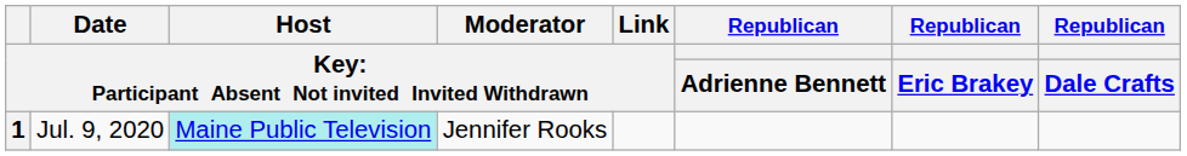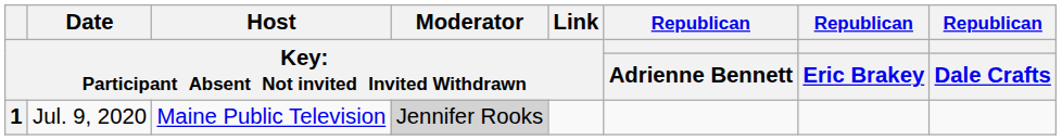 <table class="wikitable" style="text-align:center;">
 <tr>
 <th scope="col"></th>
 <th scope="col">Date</th>
 <th scope="col">Host</th>
 <th scope="col">Moderator</th>
 <th scope="col">Link</th>
 <th scope="col"><small><a href='#'>Republican</a></small></th>
 <th scope="col"><small><a href='#'>Republican</a></small></th>
 <th scope="col"><small><a href='#'>Republican</a></small></th>
 </tr>
 <tr>
 <th colspan="5" rowspan="2">Key:<br> <small>Participant </small>  <small>Absent </small>  <small>Not invited </small>  <small>Invited  Withdrawn</small></th>
 <th scope="col" style="background:"></th>
 <th scope="col" style="background:"></th>
 <th scope="col" style="background:"></th>
 </tr>
 <tr>
 <th scope="col">Adrienne Bennett</th>
 <th scope="col"><a href='#'>Eric Brakey</a></th>
 <th scope="col"><a href='#'>Dale Crafts</a></th>
 </tr>
 <tr>
 <th>1</th>
 <td style="white-space:nowrap;">Jul. 9, 2020</td>
-<td style="background: paleturquoise; white-space:nowrap;"><a href='#'>Maine Public Television</a></td>
-<td style="white-space:nowrap;">Jennifer Rooks</td>
+<td style="white-space:nowrap;"><a href='#'>Maine Public Television</a></td>
+<td style="background: lightgrey; white-space:nowrap;">Jennifer Rooks</td>
 <td style="white-space:nowrap;"></td>
 <td></td>
 <td></td>
 <td></td>
 </tr>
 </table>
